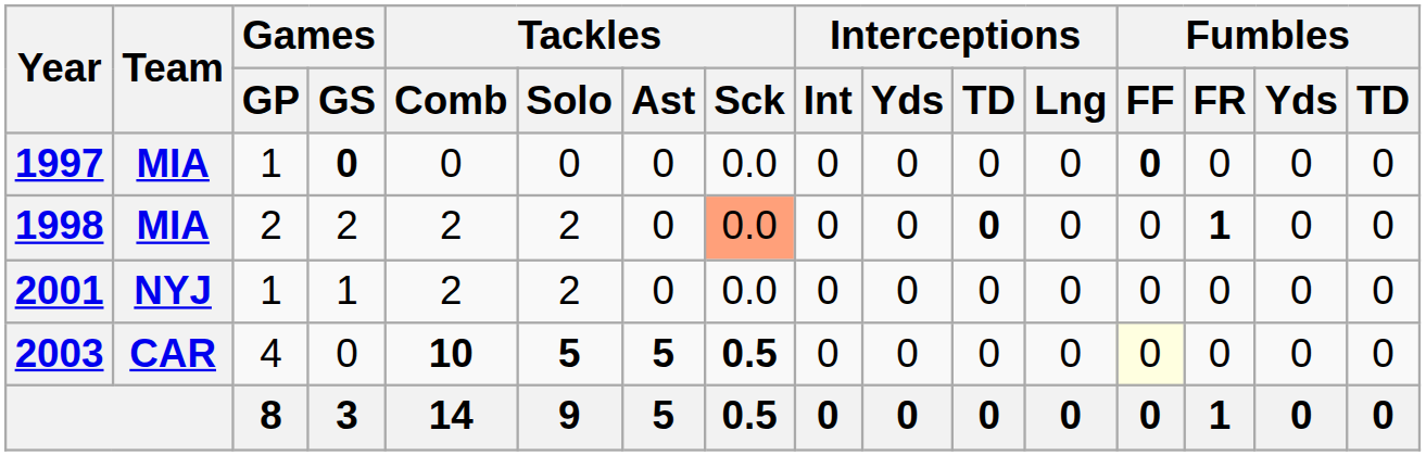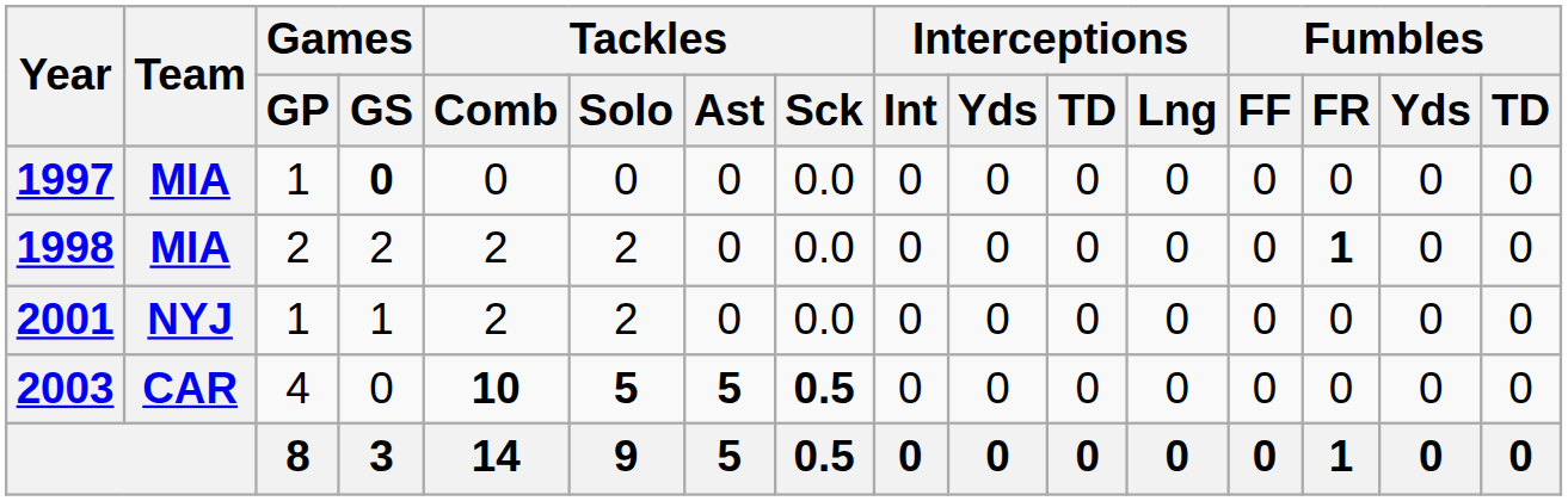 <table class="wikitable" style="text-align:center">
 <tr>
 <th rowspan="2">Year</th>
 <th rowspan="2">Team</th>
 <th colspan="2">Games</th>
 <th colspan="4">Tackles</th>
 <th colspan="4">Interceptions</th>
 <th colspan="4">Fumbles</th>
 </tr>
 <tr>
 <th>GP</th>
 <th>GS</th>
 <th>Comb</th>
 <th>Solo</th>
 <th>Ast</th>
 <th>Sck</th>
 <th>Int</th>
 <th>Yds</th>
 <th>TD</th>
 <th>Lng</th>
 <th>FF</th>
 <th>FR</th>
 <th>Yds</th>
 <th>TD</th>
 </tr>
 <tr>
 <th><a href='#'>1997</a></th>
 <th><a href='#'>MIA</a></th>
 <td>1</td>
 <td><strong>0</strong></td>
 <td>0</td>
 <td>0</td>
 <td>0</td>
 <td>0.0</td>
 <td>0</td>
 <td>0</td>
 <td>0</td>
 <td>0</td>
-<td><strong>0</strong></td>
+<td>0</td>
 <td>0</td>
 <td>0</td>
 <td>0</td>
 </tr>
 <tr>
 <th><a href='#'>1998</a></th>
 <th><a href='#'>MIA</a></th>
 <td>2</td>
 <td>2</td>
 <td>2</td>
 <td>2</td>
 <td>0</td>
-<td style="background: lightsalmon;">0.0</td>
+<td>0.0</td>
 <td>0</td>
 <td>0</td>
-<td><strong>0</strong></td>
+<td>0</td>
 <td>0</td>
 <td>0</td>
 <td><strong>1</strong></td>
 <td>0</td>
 <td>0</td>
 </tr>
 <tr>
 <th><a href='#'>2001</a></th>
 <th><a href='#'>NYJ</a></th>
 <td>1</td>
 <td>1</td>
 <td>2</td>
 <td>2</td>
 <td>0</td>
 <td>0.0</td>
 <td>0</td>
 <td>0</td>
 <td>0</td>
 <td>0</td>
 <td>0</td>
 <td>0</td>
 <td>0</td>
 <td>0</td>
 </tr>
 <tr>
 <th><a href='#'>2003</a></th>
 <th><a href='#'>CAR</a></th>
 <td>4</td>
 <td>0</td>
 <td><strong>10</strong></td>
 <td><strong>5</strong></td>
 <td><strong>5</strong></td>
 <td><strong>0.5</strong></td>
 <td>0</td>
 <td>0</td>
 <td>0</td>
 <td>0</td>
-<td style="background: lightyellow;">0</td>
+<td>0</td>
 <td>0</td>
 <td>0</td>
 <td>0</td>
 </tr>
 <tr>
 <th colspan="2"></th>
 <th>8</th>
 <th>3</th>
 <th>14</th>
 <th>9</th>
 <th>5</th>
 <th>0.5</th>
 <th>0</th>
 <th>0</th>
 <th>0</th>
 <th>0</th>
 <th>0</th>
 <th>1</th>
 <th>0</th>
 <th>0</th>
 </tr>
 </table>
